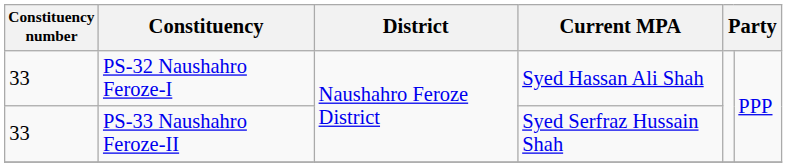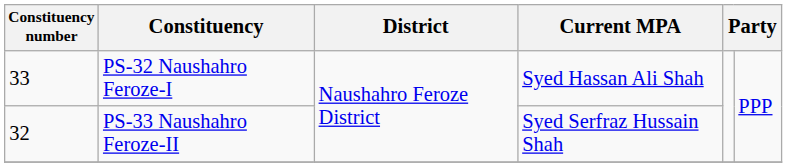 <table class="wikitable">
 <tr>
 <th width="50px" style="font-size:75%">Constituency number</th>
 <th>Constituency</th>
 <th>District</th>
 <th>Current MPA</th>
 <th colspan="2">Party</th>
 </tr>
 <tr>
 <td>33</td>
 <td><a href='#'>PS-32 Naushahro Feroze-I</a></td>
 <td rowspan="2"><a href='#'>Naushahro Feroze District</a></td>
 <td><a href='#'>Syed Hassan Ali Shah</a></td>
 <td rowspan="2"></td>
 <td rowspan="2"><a href='#'>PPP</a></td>
 </tr>
 <tr>
-<td>33</td>
+<td>32</td>
 <td><a href='#'>PS-33 Naushahro Feroze-II</a></td>
 <td><a href='#'>Syed Serfraz Hussain Shah</a></td>
 </tr>
 <tr>
 </tr>
 </table>
